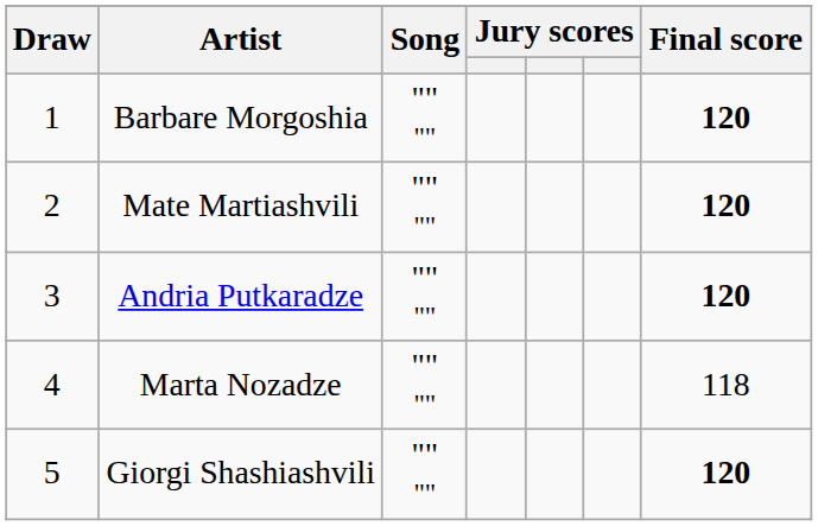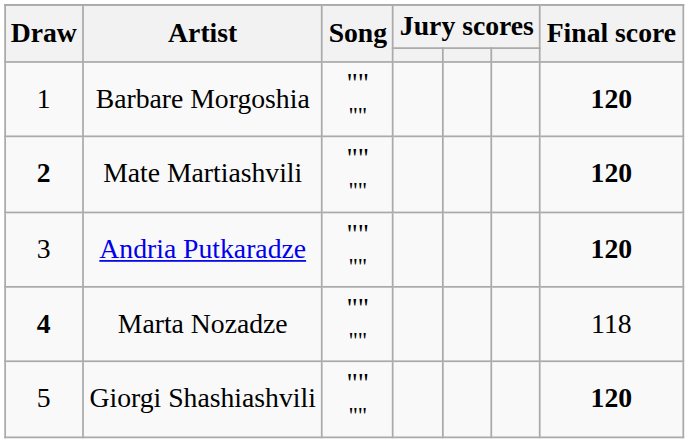 <table class="sortable wikitable" style="text-align:center;margin:1em auto 1em auto">
 <tr>
 </tr>
 <tr>
 <th rowspan=2>Draw</th>
 <th rowspan=2>Artist</th>
 <th rowspan=2>Song</th>
 <th colspan="3">Jury scores</th>
 <th rowspan=2>Final score</th>
 </tr>
 <tr>
 <th><small></small></th>
 <th><small></small></th>
 <th><small></small></th>
 </tr>
 <tr>
 <td>1</td>
 <td>Barbare Morgoshia</td>
 <td>""<br><small>""</small></td>
 <td colspan="1"></td>
 <td colspan="1"></td>
 <td colspan="1"></td>
 <td><strong>120</strong></td>
 </tr>
 <tr>
-<td>2</td>
+<td><strong>2</strong></td>
 <td>Mate Martiashvili</td>
 <td>""<br><small>""</small></td>
 <td colspan="1"></td>
 <td colspan="1"></td>
 <td colspan="1"></td>
 <td><strong>120</strong></td>
 </tr>
 <tr>
 <td>3</td>
 <td><a href='#'>Andria Putkaradze</a></td>
 <td>""<br><small>""</small></td>
 <td colspan="1"></td>
 <td colspan="1"></td>
 <td colspan="1"></td>
 <td><strong>120</strong></td>
 </tr>
 <tr>
-<td>4</td>
+<td><strong>4</strong></td>
 <td>Marta Nozadze</td>
 <td>""<br><small>""</small></td>
 <td colspan="1"></td>
 <td colspan="1"></td>
 <td colspan="1"></td>
 <td>118</td>
 </tr>
 <tr>
 <td>5</td>
 <td>Giorgi Shashiashvili</td>
 <td>""<br><small>""</small></td>
 <td colspan="1"></td>
 <td colspan="1"></td>
 <td colspan="1"></td>
 <td><strong>120</strong></td>
 </tr>
 </table>
